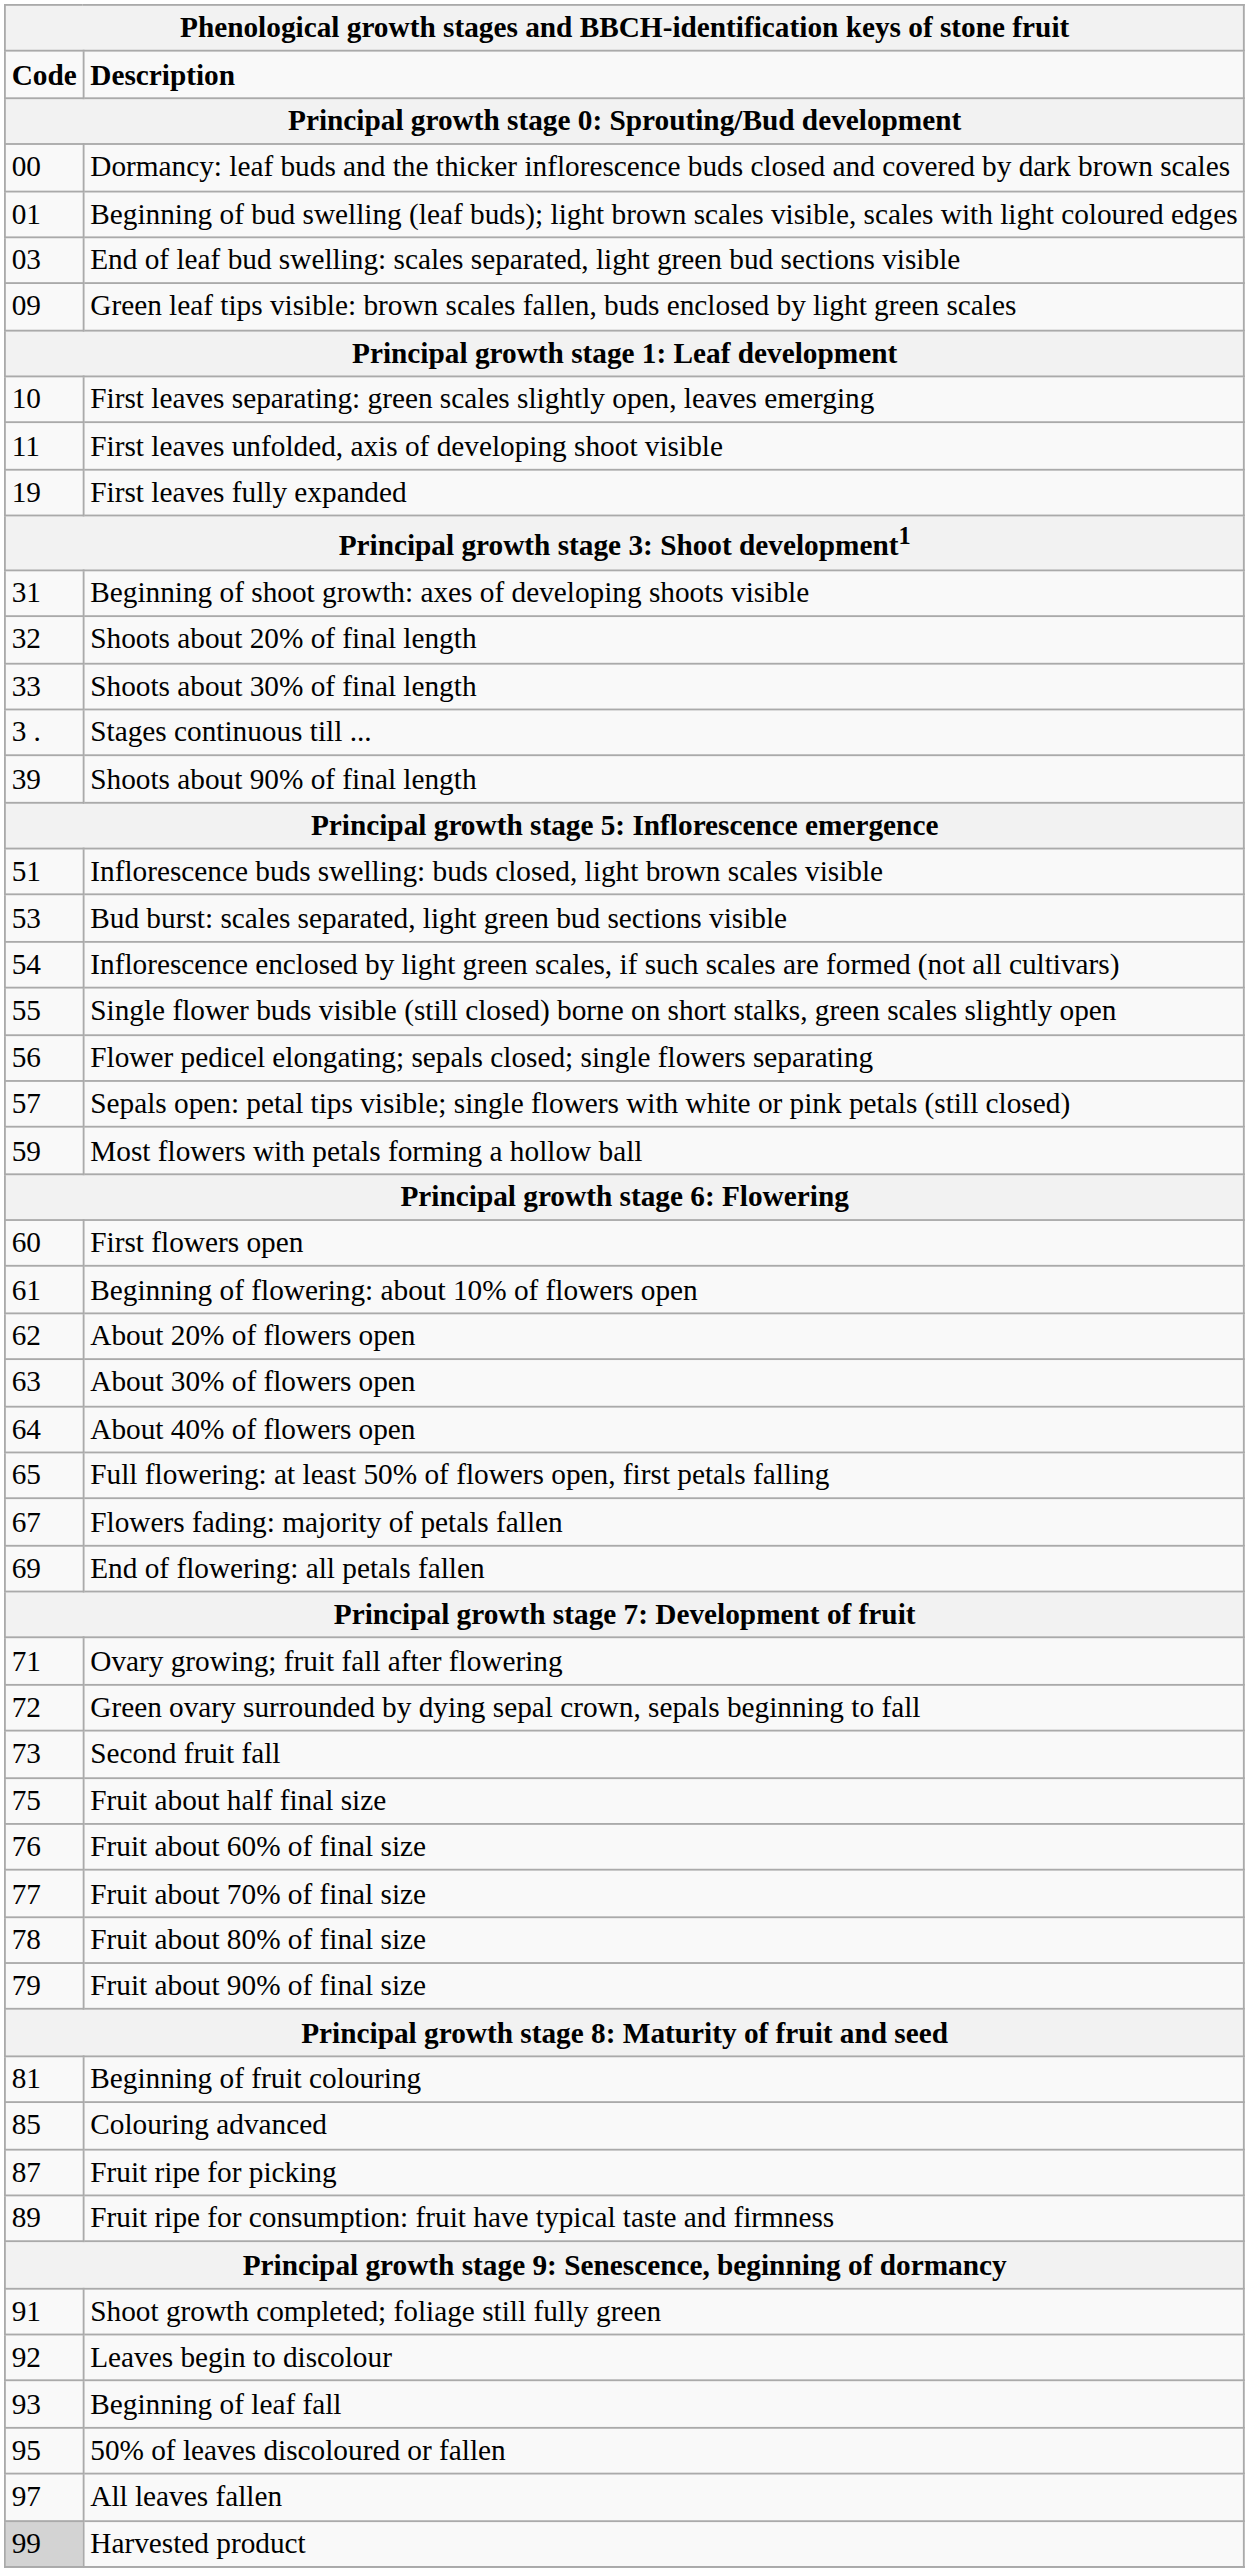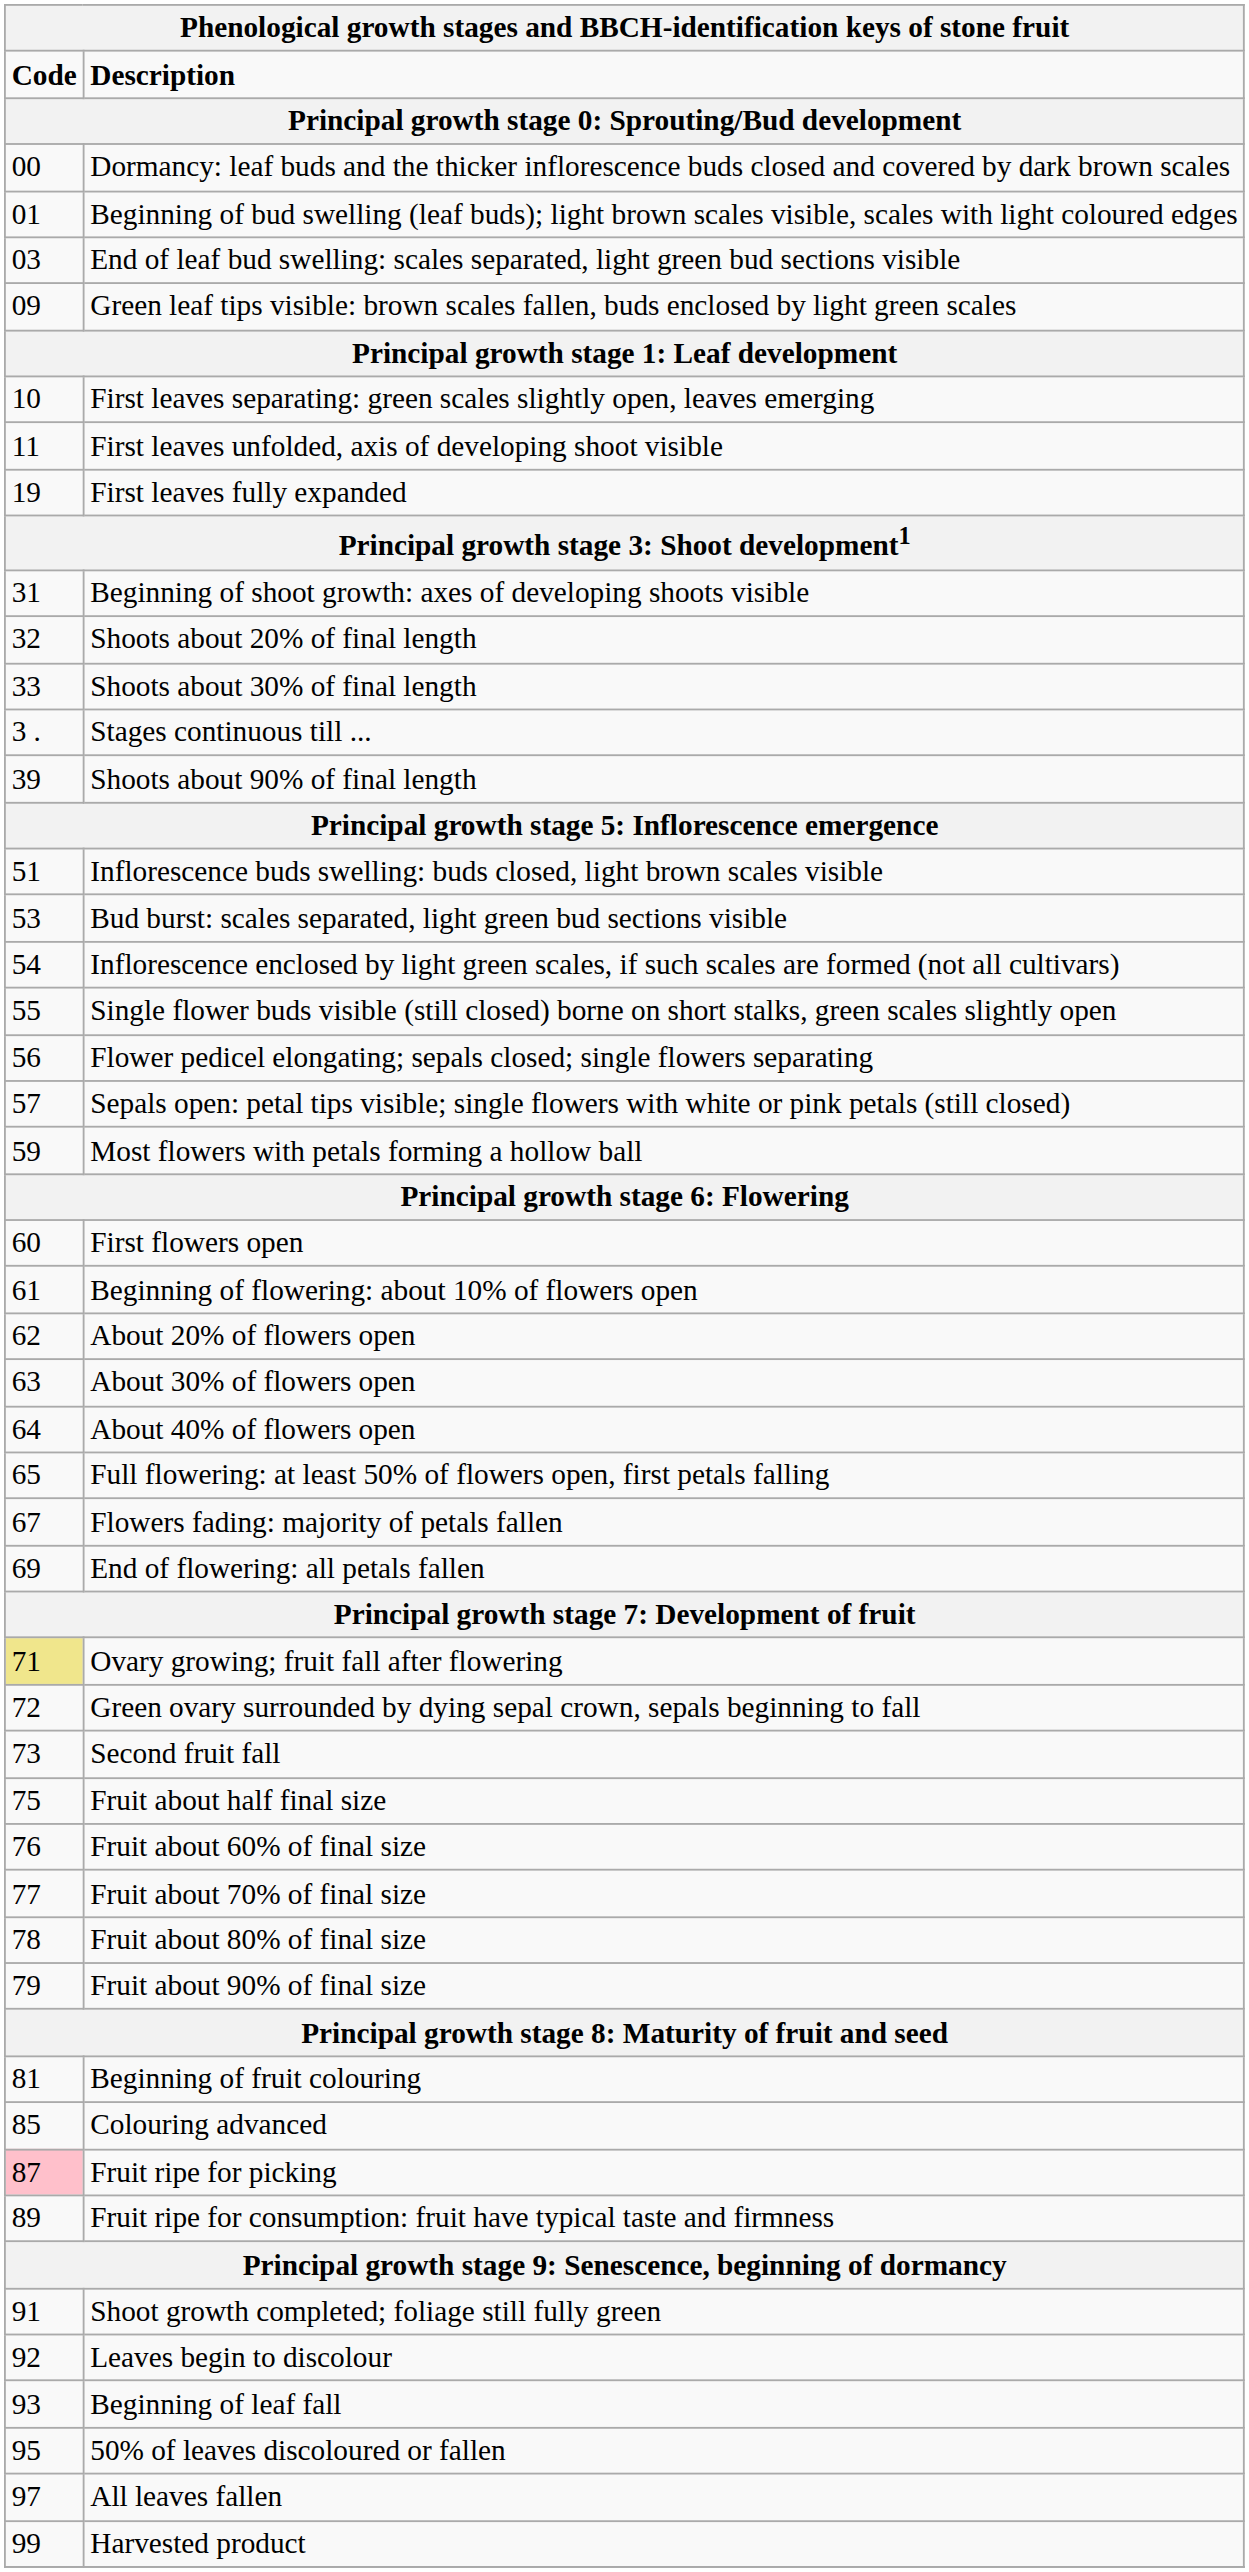 <table class="wikitable" style="clear">
 <tr>
 <th colspan=2><strong>Phenological growth stages and BBCH-identification keys of stone fruit</strong><br></th>
 </tr>
 <tr>
 <td><strong>Code</strong></td>
 <td><strong>Description</strong></td>
 </tr>
 <tr>
 <th colspan=2>Principal growth stage 0: Sprouting/Bud development</th>
 </tr>
 <tr>
 <td>00</td>
 <td>Dormancy: leaf buds and the thicker inflorescence buds closed and covered by dark brown scales</td>
 </tr>
 <tr>
 <td>01</td>
 <td>Beginning of bud swelling (leaf buds); light brown scales visible, scales with light coloured edges</td>
 </tr>
 <tr>
 <td>03</td>
 <td>End of leaf bud swelling: scales separated, light green bud sections visible</td>
 </tr>
 <tr>
 <td>09</td>
 <td>Green leaf tips visible: brown scales fallen, buds enclosed by light green scales</td>
 </tr>
 <tr>
 <th colspan=2>Principal growth stage 1: Leaf development</th>
 </tr>
 <tr>
 <td>10</td>
 <td>First leaves separating: green scales slightly open, leaves emerging</td>
 </tr>
 <tr>
 <td>11</td>
 <td>First leaves unfolded, axis of developing shoot visible</td>
 </tr>
 <tr>
 <td>19</td>
 <td>First leaves fully expanded</td>
 </tr>
 <tr>
 <th colspan=2>Principal growth stage 3: Shoot development<sup>1</sup></th>
 </tr>
 <tr>
 <td>31</td>
 <td>Beginning of shoot growth: axes of developing shoots visible</td>
 </tr>
 <tr>
 <td>32</td>
 <td>Shoots about 20% of final length</td>
 </tr>
 <tr>
 <td>33</td>
 <td>Shoots about 30% of final length</td>
 </tr>
 <tr>
 <td>3 .</td>
 <td>Stages continuous till ...</td>
 </tr>
 <tr>
 <td>39</td>
 <td>Shoots about 90% of final length</td>
 </tr>
 <tr>
 <th colspan=2>Principal growth stage 5: Inflorescence emergence</th>
 </tr>
 <tr>
 <td>51</td>
 <td>Inflorescence buds swelling: buds closed, light brown scales visible</td>
 </tr>
 <tr>
 <td>53</td>
 <td>Bud burst: scales separated, light green bud sections visible</td>
 </tr>
 <tr>
 <td>54</td>
 <td>Inflorescence enclosed by light green scales, if such scales are formed (not all cultivars)</td>
 </tr>
 <tr>
 <td>55</td>
 <td>Single flower buds visible (still closed) borne on short stalks, green scales slightly open</td>
 </tr>
 <tr>
 <td>56</td>
 <td>Flower pedicel elongating; sepals closed; single flowers separating</td>
 </tr>
 <tr>
 <td>57</td>
 <td>Sepals open: petal tips visible; single flowers with white or pink petals (still closed)</td>
 </tr>
 <tr>
 <td>59</td>
 <td>Most flowers with petals forming a hollow ball</td>
 </tr>
 <tr>
 <th colspan=2>Principal growth stage 6: Flowering</th>
 </tr>
 <tr>
 <td>60</td>
 <td>First flowers open</td>
 </tr>
 <tr>
 <td>61</td>
 <td>Beginning of flowering: about 10% of flowers open</td>
 </tr>
 <tr>
 <td>62</td>
 <td>About 20% of flowers open</td>
 </tr>
 <tr>
 <td>63</td>
 <td>About 30% of flowers open</td>
 </tr>
 <tr>
 <td>64</td>
 <td>About 40% of flowers open</td>
 </tr>
 <tr>
 <td>65</td>
 <td>Full flowering: at least 50% of flowers open, first petals falling</td>
 </tr>
 <tr>
 <td>67</td>
 <td>Flowers fading: majority of petals fallen</td>
 </tr>
 <tr>
 <td>69</td>
 <td>End of flowering: all petals fallen</td>
 </tr>
 <tr>
 <th colspan=2>Principal growth stage 7: Development of fruit</th>
 </tr>
 <tr>
-<td>71</td>
+<td style="background: khaki;">71</td>
 <td>Ovary growing; fruit fall after flowering</td>
 </tr>
 <tr>
 <td>72</td>
 <td>Green ovary surrounded by dying sepal crown, sepals beginning to fall</td>
 </tr>
 <tr>
 <td>73</td>
 <td>Second fruit fall</td>
 </tr>
 <tr>
 <td>75</td>
 <td>Fruit about half final size</td>
 </tr>
 <tr>
 <td>76</td>
 <td>Fruit about 60% of final size</td>
 </tr>
 <tr>
 <td>77</td>
 <td>Fruit about 70% of final size</td>
 </tr>
 <tr>
 <td>78</td>
 <td>Fruit about 80% of final size</td>
 </tr>
 <tr>
 <td>79</td>
 <td>Fruit about 90% of final size</td>
 </tr>
 <tr>
 <th colspan=2>Principal growth stage 8: Maturity of fruit and seed</th>
 </tr>
 <tr>
 <td>81</td>
 <td>Beginning of fruit colouring</td>
 </tr>
 <tr>
 <td>85</td>
 <td>Colouring advanced</td>
 </tr>
 <tr>
-<td>87</td>
+<td style="background: pink;">87</td>
 <td>Fruit ripe for picking</td>
 </tr>
 <tr>
 <td>89</td>
 <td>Fruit ripe for consumption: fruit have typical taste and firmness</td>
 </tr>
 <tr>
 <th colspan=2>Principal growth stage 9: Senescence, beginning of dormancy</th>
 </tr>
 <tr>
 <td>91</td>
 <td>Shoot growth completed; foliage still fully green</td>
 </tr>
 <tr>
 <td>92</td>
 <td>Leaves begin to discolour</td>
 </tr>
 <tr>
 <td>93</td>
 <td>Beginning of leaf fall</td>
 </tr>
 <tr>
 <td>95</td>
 <td>50% of leaves discoloured or fallen</td>
 </tr>
 <tr>
 <td>97</td>
 <td>All leaves fallen</td>
 </tr>
 <tr>
-<td style="background: lightgrey;">99</td>
+<td>99</td>
 <td>Harvested product</td>
 </tr>
 <tr>
 </tr>
 </table>
